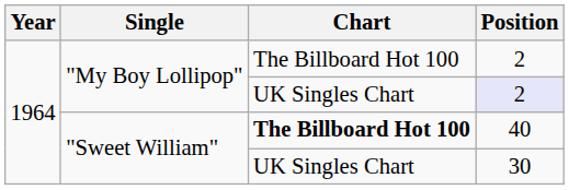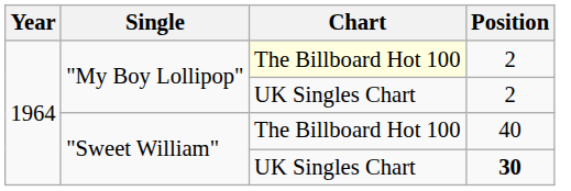 <table class="wikitable">
 <tr>
 <th>Year</th>
 <th>Single</th>
 <th>Chart</th>
 <th>Position</th>
 </tr>
 <tr>
 <td rowspan="4">1964</td>
 <td rowspan="2">"My Boy Lollipop"</td>
-<td>The Billboard Hot 100</td>
+<td style="background: lightyellow;">The Billboard Hot 100</td>
 <td align="center">2</td>
 </tr>
 <tr>
 <td>UK Singles Chart</td>
-<td align="center" style="background: lavender;">2</td>
+<td align="center">2</td>
 </tr>
 <tr>
 <td rowspan="2">"Sweet William"</td>
-<td><strong>The Billboard Hot 100</strong></td>
+<td>The Billboard Hot 100</td>
 <td align="center">40</td>
 </tr>
 <tr>
 <td>UK Singles Chart</td>
-<td align="center">30</td>
+<td align="center"><strong>30</strong></td>
 </tr>
 </table>
